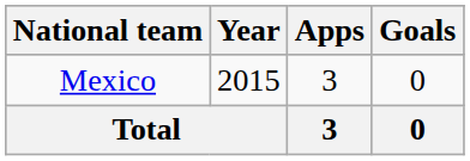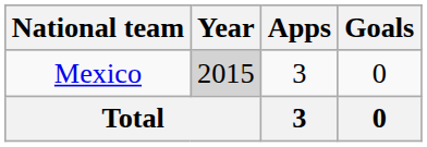 <table class="wikitable" style="text-align: center;">
 <tr>
 <th>National team</th>
 <th>Year</th>
 <th>Apps</th>
 <th>Goals</th>
 </tr>
 <tr>
 <td rowspan="1" valign="center"><a href='#'>Mexico</a></td>
-<td>2015</td>
+<td style="background: lightgrey;">2015</td>
 <td>3</td>
 <td>0</td>
 </tr>
 <tr>
 <th colspan="2">Total</th>
 <th>3</th>
 <th>0</th>
 </tr>
 </table>
